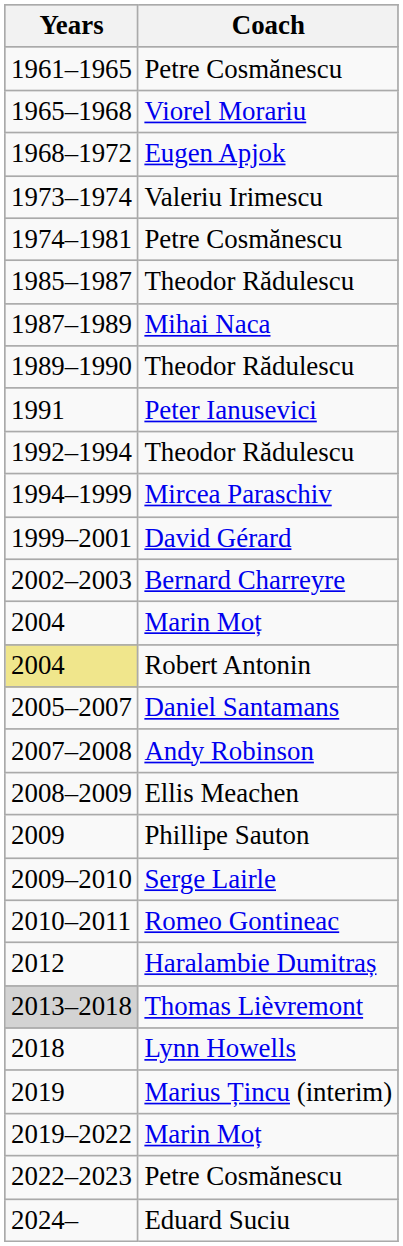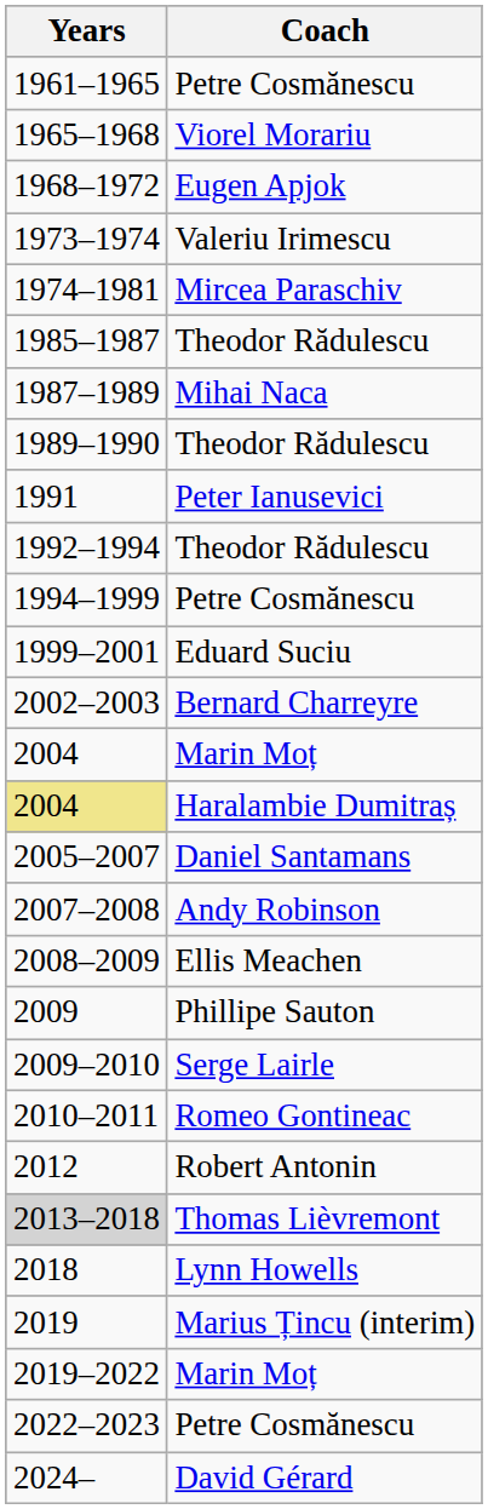 <table class=wikitable>
 <tr>
 <th>Years</th>
 <th>Coach</th>
 </tr>
 <tr>
 <td>1961–1965</td>
 <td> Petre Cosmănescu</td>
 </tr>
 <tr>
 <td>1965–1968</td>
 <td> <a href='#'>Viorel Morariu</a></td>
 </tr>
 <tr>
 <td>1968–1972</td>
 <td> <a href='#'>Eugen Apjok</a></td>
 </tr>
 <tr>
 <td>1973–1974</td>
 <td> Valeriu Irimescu</td>
 </tr>
 <tr>
 <td>1974–1981</td>
-<td> Petre Cosmănescu</td>
+<td> <a href='#'>Mircea Paraschiv</a></td>
 </tr>
 <tr>
 <td>1985–1987</td>
 <td> Theodor Rădulescu</td>
 </tr>
 <tr>
 <td>1987–1989</td>
 <td> <a href='#'>Mihai Naca</a></td>
 </tr>
 <tr>
 <td>1989–1990</td>
 <td> Theodor Rădulescu</td>
 </tr>
 <tr>
 <td>1991</td>
 <td> <a href='#'>Peter Ianusevici</a></td>
 </tr>
 <tr>
 <td>1992–1994</td>
 <td> Theodor Rădulescu</td>
 </tr>
 <tr>
 <td>1994–1999</td>
-<td> <a href='#'>Mircea Paraschiv</a></td>
+<td> Petre Cosmănescu</td>
 </tr>
 <tr>
 <td>1999–2001</td>
-<td> <a href='#'>David Gérard</a></td>
+<td> Eduard Suciu</td>
 </tr>
 <tr>
 <td>2002–2003</td>
 <td> <a href='#'>Bernard Charreyre</a></td>
 </tr>
 <tr>
 <td>2004</td>
 <td> <a href='#'>Marin Moț</a></td>
 </tr>
 <tr>
 <td style="background: khaki;">2004</td>
-<td> Robert Antonin</td>
+<td> <a href='#'>Haralambie Dumitraș</a></td>
 </tr>
 <tr>
 <td>2005–2007</td>
 <td> <a href='#'>Daniel Santamans</a></td>
 </tr>
 <tr>
 <td>2007–2008</td>
 <td> <a href='#'>Andy Robinson</a></td>
 </tr>
 <tr>
 <td>2008–2009</td>
 <td> Ellis Meachen</td>
 </tr>
 <tr>
 <td>2009</td>
 <td> Phillipe Sauton</td>
 </tr>
 <tr>
 <td>2009–2010</td>
 <td> <a href='#'>Serge Lairle</a></td>
 </tr>
 <tr>
 <td>2010–2011</td>
 <td> <a href='#'>Romeo Gontineac</a></td>
 </tr>
 <tr>
 <td>2012</td>
-<td> <a href='#'>Haralambie Dumitraș</a></td>
+<td> Robert Antonin</td>
 </tr>
 <tr>
 <td style="background: lightgrey;">2013–2018</td>
 <td> <a href='#'>Thomas Lièvremont</a></td>
 </tr>
 <tr>
 <td>2018</td>
 <td> <a href='#'>Lynn Howells</a></td>
 </tr>
 <tr>
 <td>2019</td>
 <td> <a href='#'>Marius Țincu</a> (interim)</td>
 </tr>
 <tr>
 <td>2019–2022</td>
 <td> <a href='#'>Marin Moț</a></td>
 </tr>
 <tr>
 <td>2022–2023</td>
 <td> Petre Cosmănescu</td>
 </tr>
 <tr>
 <td>2024–</td>
-<td> Eduard Suciu</td>
+<td> <a href='#'>David Gérard</a></td>
 </tr>
 </table>
